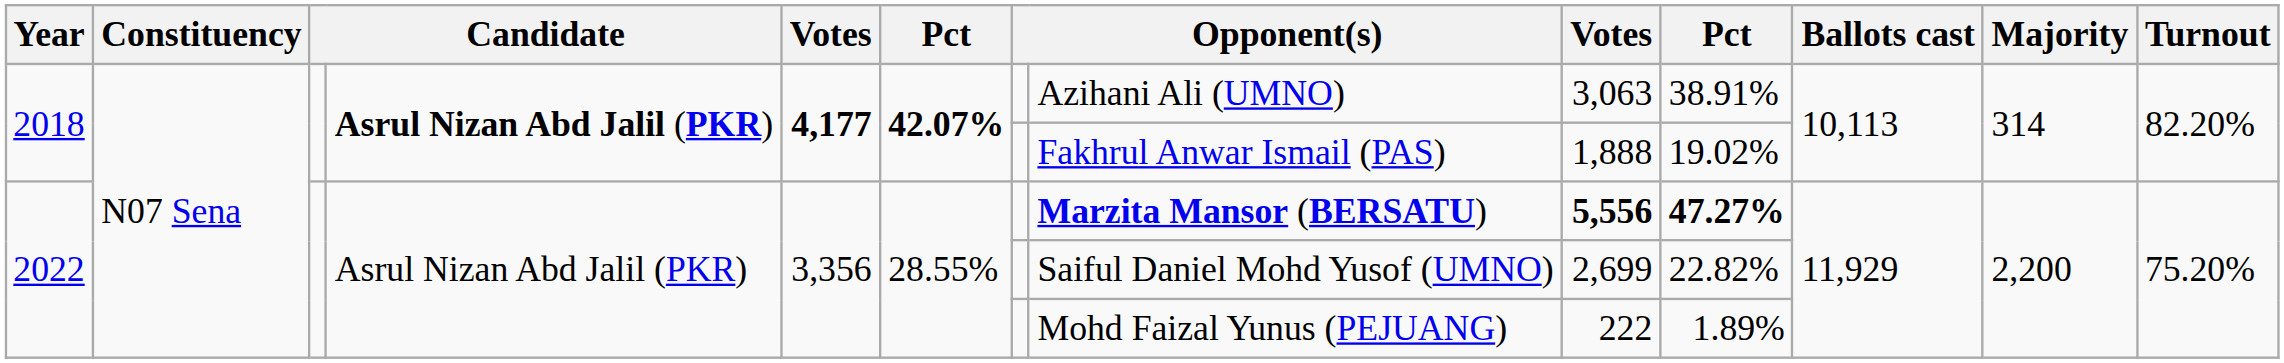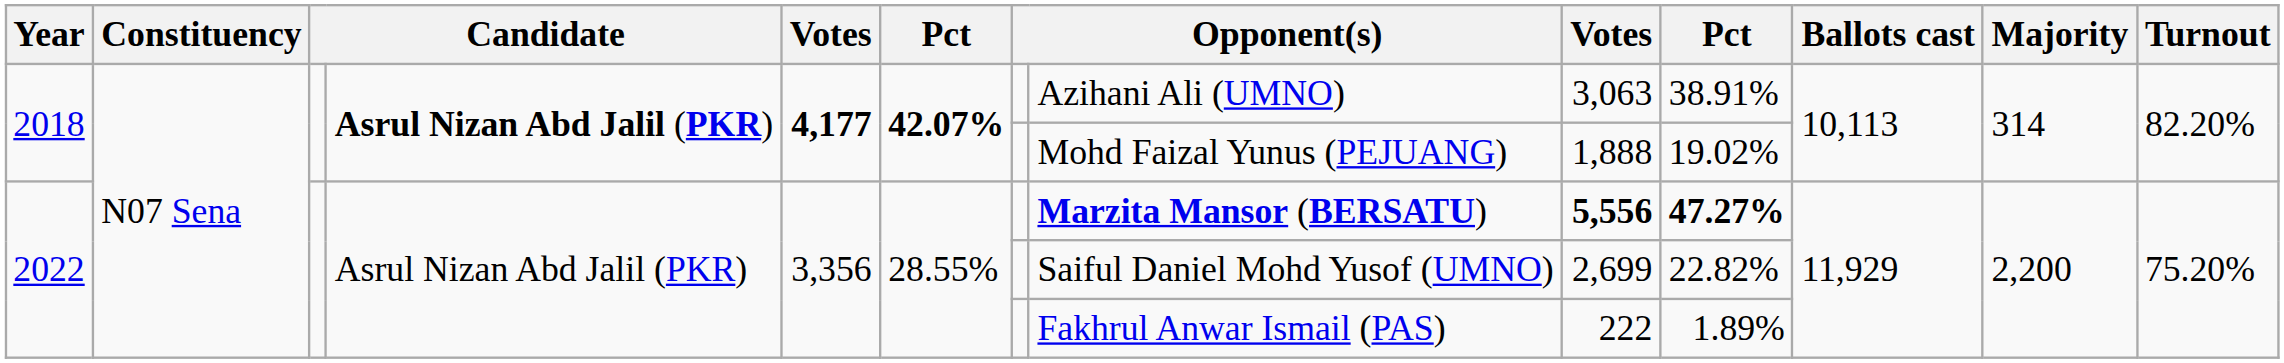 <table class="wikitable" style="margin:0.5em ; font-size:95%">
 <tr>
 <th>Year</th>
 <th>Constituency</th>
 <th colspan=2>Candidate</th>
 <th>Votes</th>
 <th>Pct</th>
 <th colspan=2>Opponent(s)</th>
 <th>Votes</th>
 <th>Pct</th>
 <th>Ballots cast</th>
 <th>Majority</th>
 <th>Turnout</th>
 </tr>
 <tr>
 <td rowspan=2><a href='#'>2018</a></td>
 <td rowspan=5>N07 <a href='#'>Sena</a></td>
 <td rowspan=2 ></td>
 <td rowspan=2><strong>Asrul Nizan Abd Jalil</strong> (<a href='#'><strong>PKR</strong></a>)</td>
 <td rowspan=2 align=right><strong>4,177</strong></td>
 <td rowspan=2><strong>42.07%</strong></td>
 <td></td>
 <td>Azihani Ali (<a href='#'>UMNO</a>)</td>
 <td align=right>3,063</td>
 <td>38.91%</td>
 <td rowspan=2>10,113</td>
 <td rowspan=2>314</td>
 <td rowspan=2>82.20%</td>
 </tr>
 <tr>
 <td></td>
-<td><a href='#'>Fakhrul Anwar Ismail</a> (<a href='#'>PAS</a>)</td>
+<td>Mohd Faizal Yunus (<a href='#'>PEJUANG</a>)</td>
 <td align=right>1,888</td>
 <td>19.02%</td>
 </tr>
 <tr>
 <td rowspan=3><a href='#'>2022</a></td>
 <td rowspan=3 ></td>
 <td rowspan=3>Asrul Nizan Abd Jalil (<a href='#'>PKR</a>)</td>
 <td rowspan=3 align=right>3,356</td>
 <td rowspan=3>28.55%</td>
 <td bgcolor=></td>
 <td><strong><a href='#'>Marzita Mansor</a></strong> (<a href='#'><strong>BERSATU</strong></a>)</td>
 <td align=right><strong>5,556</strong></td>
 <td><strong>47.27%</strong></td>
 <td rowspan=3>11,929</td>
 <td rowspan=3>2,200</td>
 <td rowspan=3>75.20%</td>
 </tr>
 <tr>
 <td></td>
 <td>Saiful Daniel Mohd Yusof (<a href='#'>UMNO</a>)</td>
 <td align=right>2,699</td>
 <td>22.82%</td>
 </tr>
 <tr>
 <td bgcolor=></td>
-<td>Mohd Faizal Yunus (<a href='#'>PEJUANG</a>)</td>
+<td><a href='#'>Fakhrul Anwar Ismail</a> (<a href='#'>PAS</a>)</td>
 <td align=right>222</td>
 <td align=right>1.89%</td>
 </tr>
 </table>
